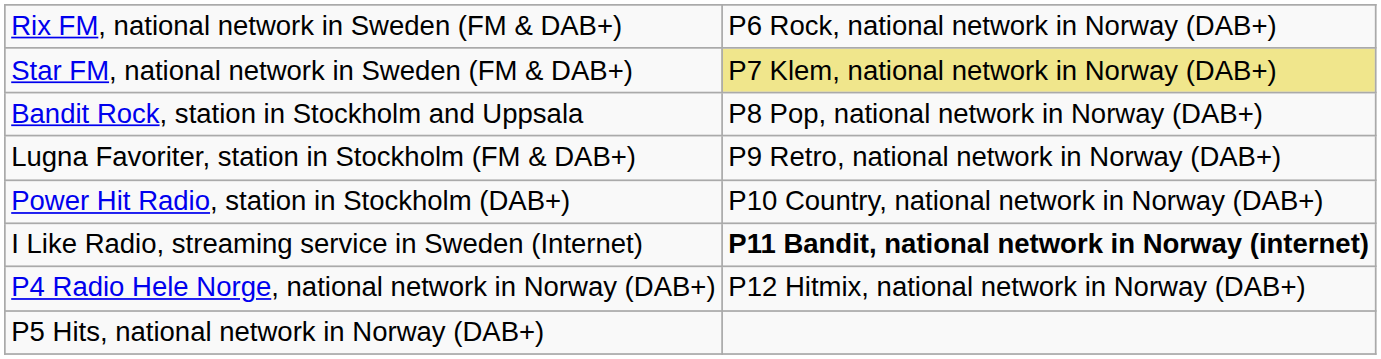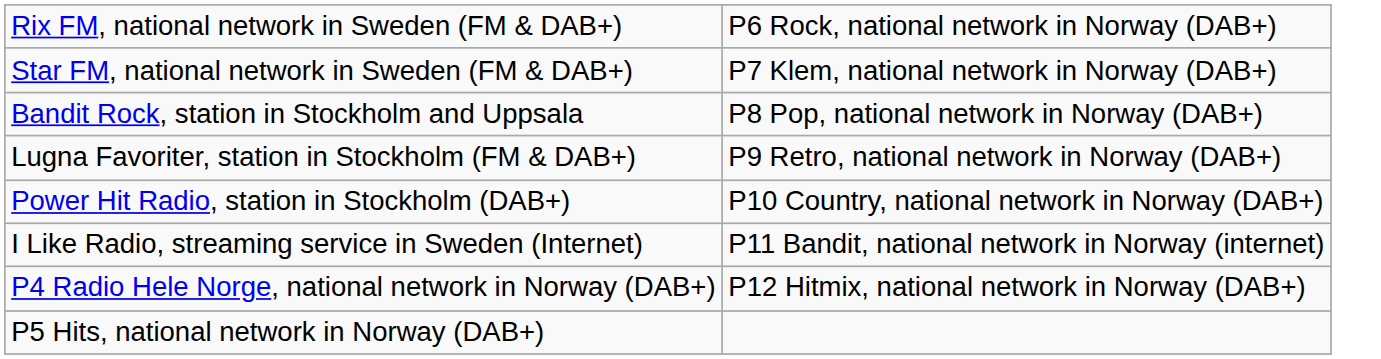 <table class="wikitable">
 <tr>
 <td><a href='#'>Rix FM</a>, national network in Sweden (FM & DAB+)</td>
 <td>P6 Rock, national network in Norway (DAB+)</td>
 </tr>
 <tr>
 <td><a href='#'>Star FM</a>, national network in Sweden (FM & DAB+)</td>
-<td style="background: khaki;">P7 Klem, national network in Norway (DAB+)</td>
+<td>P7 Klem, national network in Norway (DAB+)</td>
 </tr>
 <tr>
 <td><a href='#'>Bandit Rock</a>, station in Stockholm and Uppsala</td>
 <td>P8 Pop, national network in Norway (DAB+)</td>
 </tr>
 <tr>
 <td>Lugna Favoriter, station in Stockholm (FM & DAB+)</td>
 <td>P9 Retro, national network in Norway (DAB+)</td>
 </tr>
 <tr>
 <td><a href='#'>Power Hit Radio</a>, station in Stockholm (DAB+)</td>
 <td>P10 Country, national network in Norway (DAB+)</td>
 </tr>
 <tr>
 <td>I Like Radio, streaming service in Sweden (Internet)</td>
-<td><strong>P11 Bandit, national network in Norway (internet)</strong></td>
+<td>P11 Bandit, national network in Norway (internet)</td>
 </tr>
 <tr>
 <td><a href='#'>P4 Radio Hele Norge</a>, national network in Norway (DAB+)</td>
 <td>P12 Hitmix, national network in Norway (DAB+)</td>
 </tr>
 <tr>
 <td>P5 Hits, national network in Norway (DAB+)</td>
 <td></td>
 </tr>
 </table>
